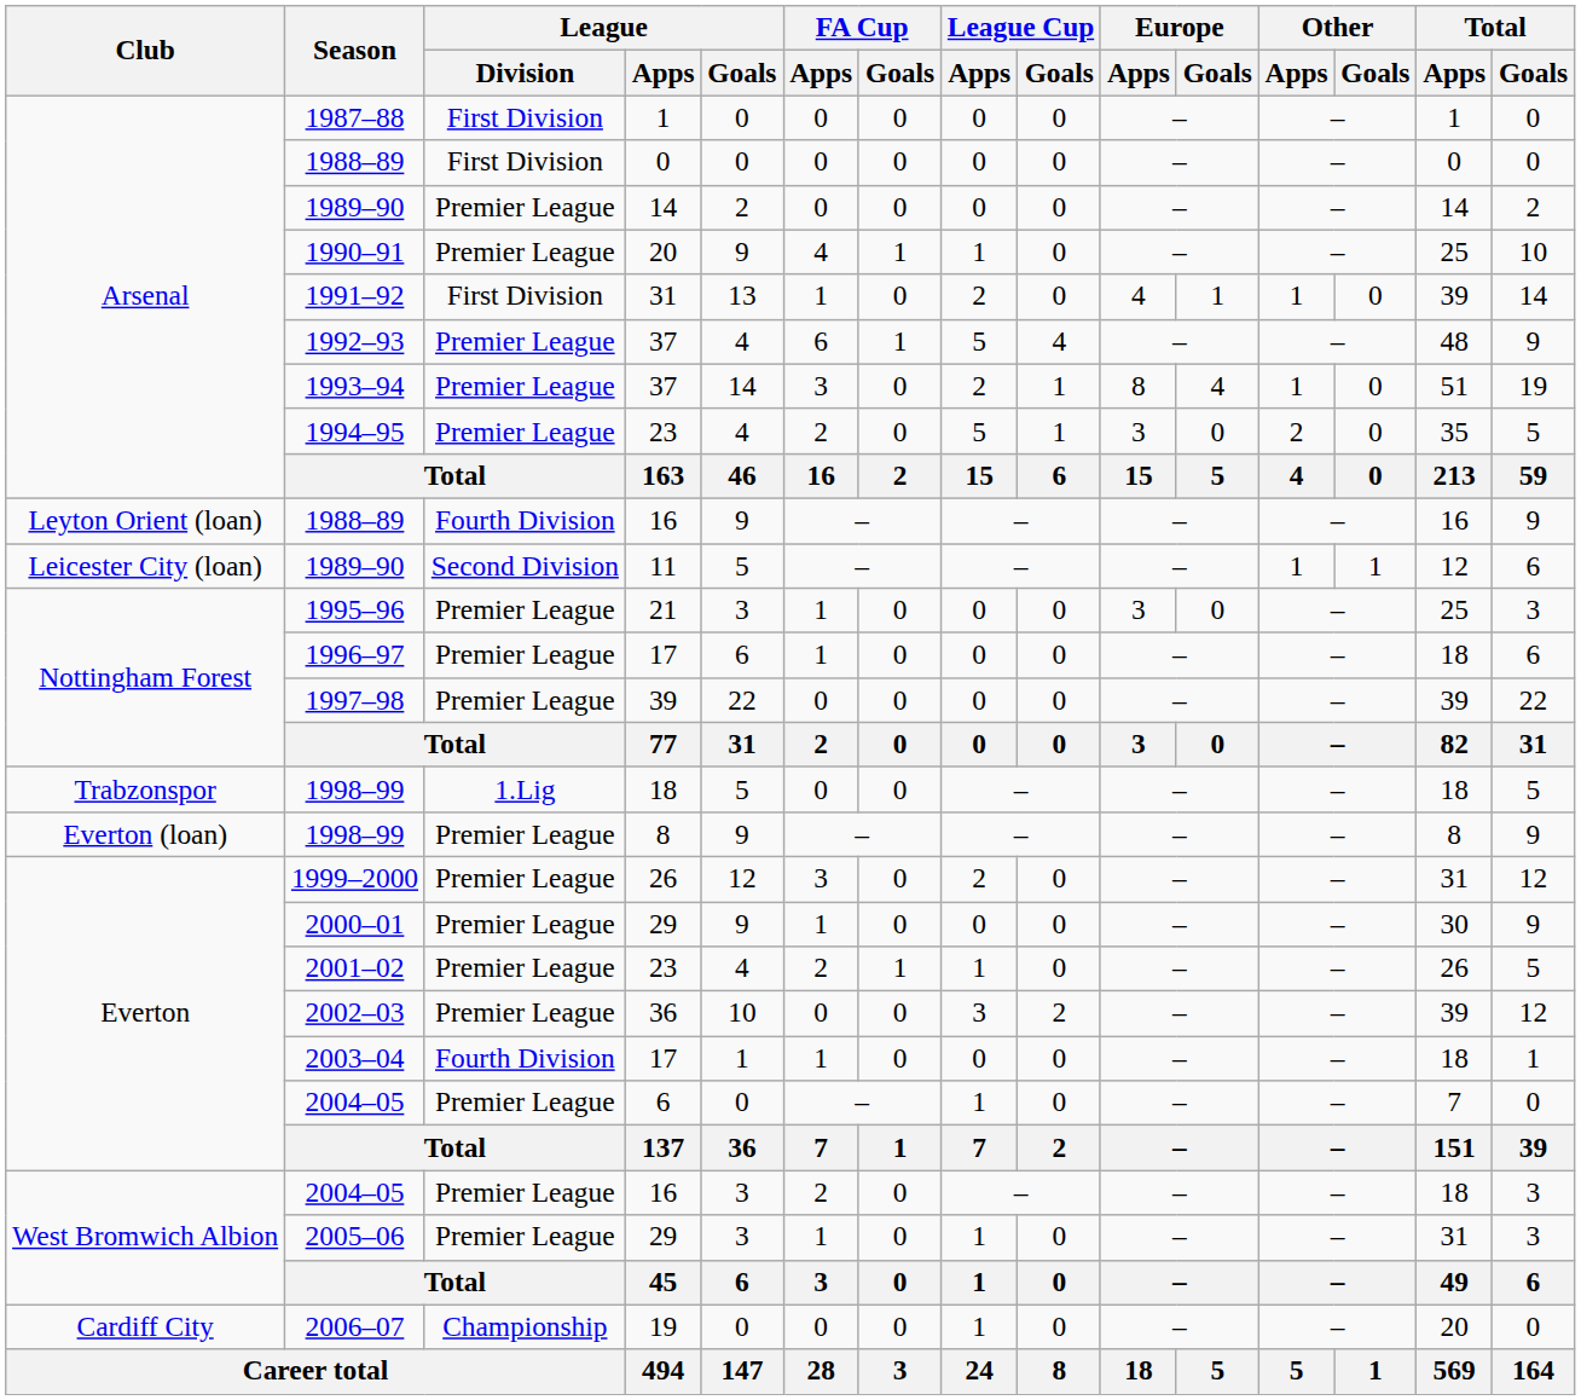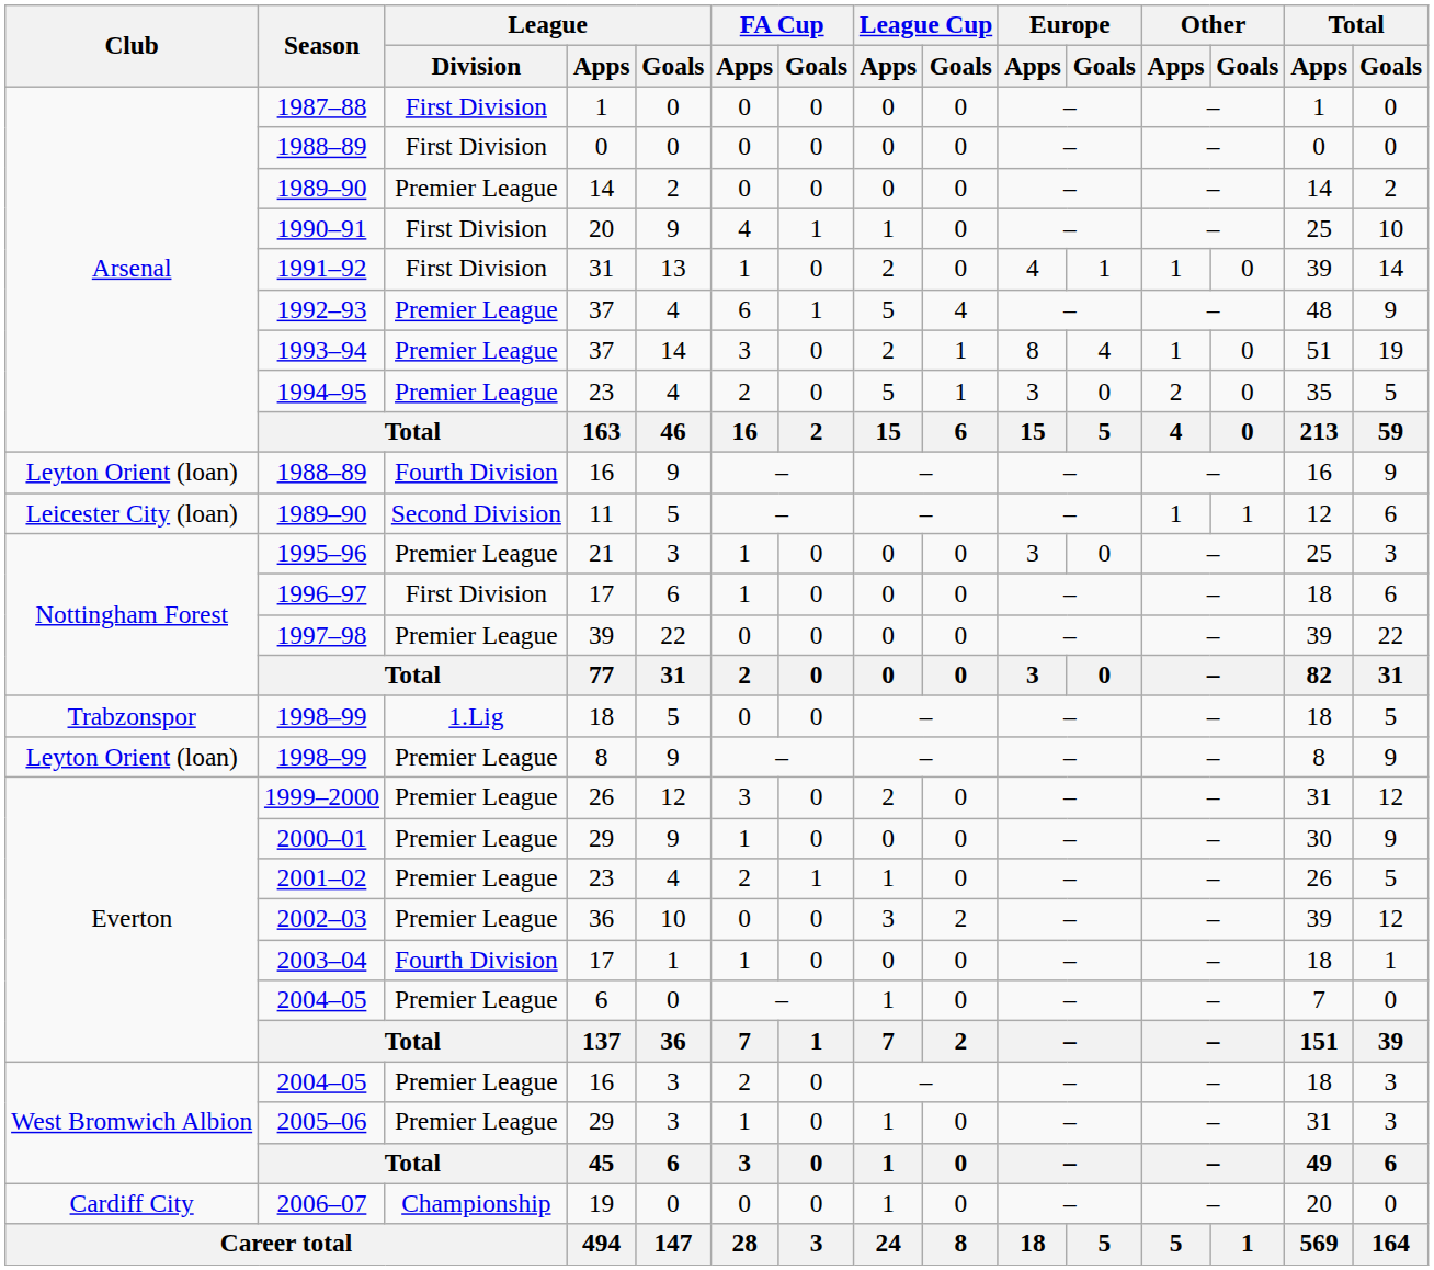 <table class="wikitable" style="text-align:center;">
 <tr>
 <th rowspan="2">Club</th>
 <th rowspan="2">Season</th>
 <th colspan="3">League</th>
 <th colspan="2"><a href='#'>FA Cup</a></th>
 <th colspan="2"><a href='#'>League Cup</a></th>
 <th colspan="2">Europe</th>
 <th colspan="2">Other</th>
 <th colspan="2">Total</th>
 </tr>
 <tr>
 <th>Division</th>
 <th>Apps</th>
 <th>Goals</th>
 <th>Apps</th>
 <th>Goals</th>
 <th>Apps</th>
 <th>Goals</th>
 <th>Apps</th>
 <th>Goals</th>
 <th>Apps</th>
 <th>Goals</th>
 <th>Apps</th>
 <th>Goals</th>
 </tr>
 <tr>
 <td rowspan="9"><a href='#'>Arsenal</a></td>
 <td><a href='#'>1987–88</a></td>
 <td><a href='#'>First Division</a></td>
 <td>1</td>
 <td>0</td>
 <td>0</td>
 <td>0</td>
 <td>0</td>
 <td>0</td>
 <td colspan="2">–</td>
 <td colspan="2">–</td>
 <td>1</td>
 <td>0</td>
 </tr>
 <tr>
 <td><a href='#'>1988–89</a></td>
 <td>First Division</td>
 <td>0</td>
 <td>0</td>
 <td>0</td>
 <td>0</td>
 <td>0</td>
 <td>0</td>
 <td colspan="2">–</td>
 <td colspan="2">–</td>
 <td>0</td>
 <td>0</td>
 </tr>
 <tr>
 <td><a href='#'>1989–90</a></td>
 <td>Premier League</td>
 <td>14</td>
 <td>2</td>
 <td>0</td>
 <td>0</td>
 <td>0</td>
 <td>0</td>
 <td colspan="2">–</td>
 <td colspan="2">–</td>
 <td>14</td>
 <td>2</td>
 </tr>
 <tr>
 <td><a href='#'>1990–91</a></td>
-<td>Premier League</td>
+<td>First Division</td>
 <td>20</td>
 <td>9</td>
 <td>4</td>
 <td>1</td>
 <td>1</td>
 <td>0</td>
 <td colspan="2">–</td>
 <td colspan="2">–</td>
 <td>25</td>
 <td>10</td>
 </tr>
 <tr>
 <td><a href='#'>1991–92</a></td>
 <td>First Division</td>
 <td>31</td>
 <td>13</td>
 <td>1</td>
 <td>0</td>
 <td>2</td>
 <td>0</td>
 <td>4</td>
 <td>1</td>
 <td>1</td>
 <td>0</td>
 <td>39</td>
 <td>14</td>
 </tr>
 <tr>
 <td><a href='#'>1992–93</a></td>
 <td><a href='#'>Premier League</a></td>
 <td>37</td>
 <td>4</td>
 <td>6</td>
 <td>1</td>
 <td>5</td>
 <td>4</td>
 <td colspan="2">–</td>
 <td colspan="2">–</td>
 <td>48</td>
 <td>9</td>
 </tr>
 <tr>
 <td><a href='#'>1993–94</a></td>
 <td><a href='#'>Premier League</a></td>
 <td>37</td>
 <td>14</td>
 <td>3</td>
 <td>0</td>
 <td>2</td>
 <td>1</td>
 <td>8</td>
 <td>4</td>
 <td>1</td>
 <td>0</td>
 <td>51</td>
 <td>19</td>
 </tr>
 <tr>
 <td><a href='#'>1994–95</a></td>
 <td><a href='#'>Premier League</a></td>
 <td>23</td>
 <td>4</td>
 <td>2</td>
 <td>0</td>
 <td>5</td>
 <td>1</td>
 <td>3</td>
 <td>0</td>
 <td>2</td>
 <td>0</td>
 <td>35</td>
 <td>5</td>
 </tr>
 <tr>
 <th colspan="2">Total</th>
 <th>163</th>
 <th>46</th>
 <th>16</th>
 <th>2</th>
 <th>15</th>
 <th>6</th>
 <th>15</th>
 <th>5</th>
 <th>4</th>
 <th>0</th>
 <th>213</th>
 <th>59</th>
 </tr>
 <tr>
 <td><a href='#'>Leyton Orient</a> (loan)</td>
 <td><a href='#'>1988–89</a></td>
 <td><a href='#'>Fourth Division</a></td>
 <td>16</td>
 <td>9</td>
 <td colspan="2">–</td>
 <td colspan="2">–</td>
 <td colspan="2">–</td>
 <td colspan="2">–</td>
 <td>16</td>
 <td>9</td>
 </tr>
 <tr>
 <td><a href='#'>Leicester City</a> (loan)</td>
 <td><a href='#'>1989–90</a></td>
 <td><a href='#'>Second Division</a></td>
 <td>11</td>
 <td>5</td>
 <td colspan="2">–</td>
 <td colspan="2">–</td>
 <td colspan="2">–</td>
 <td>1</td>
 <td>1</td>
 <td>12</td>
 <td>6</td>
 </tr>
 <tr>
 <td rowspan="4"><a href='#'>Nottingham Forest</a></td>
 <td><a href='#'>1995–96</a></td>
 <td>Premier League</td>
 <td>21</td>
 <td>3</td>
 <td>1</td>
 <td>0</td>
 <td>0</td>
 <td>0</td>
 <td>3</td>
 <td>0</td>
 <td colspan="2">–</td>
 <td>25</td>
 <td>3</td>
 </tr>
 <tr>
 <td><a href='#'>1996–97</a></td>
-<td>Premier League</td>
+<td>First Division</td>
 <td>17</td>
 <td>6</td>
 <td>1</td>
 <td>0</td>
 <td>0</td>
 <td>0</td>
 <td colspan="2">–</td>
 <td colspan="2">–</td>
 <td>18</td>
 <td>6</td>
 </tr>
 <tr>
 <td><a href='#'>1997–98</a></td>
 <td>Premier League</td>
 <td>39</td>
 <td>22</td>
 <td>0</td>
 <td>0</td>
 <td>0</td>
 <td>0</td>
 <td colspan="2">–</td>
 <td colspan="2">–</td>
 <td>39</td>
 <td>22</td>
 </tr>
 <tr>
 <th colspan="2">Total</th>
 <th>77</th>
 <th>31</th>
 <th>2</th>
 <th>0</th>
 <th>0</th>
 <th>0</th>
 <th>3</th>
 <th>0</th>
 <th colspan="2">–</th>
 <th>82</th>
 <th>31</th>
 </tr>
 <tr>
 <td><a href='#'>Trabzonspor</a></td>
 <td><a href='#'>1998–99</a></td>
 <td><a href='#'>1.Lig</a></td>
 <td>18</td>
 <td>5</td>
 <td>0</td>
 <td>0</td>
 <td colspan="2">–</td>
 <td colspan="2">–</td>
 <td colspan="2">–</td>
 <td>18</td>
 <td>5</td>
 </tr>
 <tr>
-<td><a href='#'>Everton</a> (loan)</td>
+<td><a href='#'>Leyton Orient</a> (loan)</td>
 <td><a href='#'>1998–99</a></td>
 <td>Premier League</td>
 <td>8</td>
 <td>9</td>
 <td colspan="2">–</td>
 <td colspan="2">–</td>
 <td colspan="2">–</td>
 <td colspan="2">–</td>
 <td>8</td>
 <td>9</td>
 </tr>
 <tr>
 <td rowspan="7">Everton</td>
 <td><a href='#'>1999–2000</a></td>
 <td>Premier League</td>
 <td>26</td>
 <td>12</td>
 <td>3</td>
 <td>0</td>
 <td>2</td>
 <td>0</td>
 <td colspan="2">–</td>
 <td colspan="2">–</td>
 <td>31</td>
 <td>12</td>
 </tr>
 <tr>
 <td><a href='#'>2000–01</a></td>
 <td>Premier League</td>
 <td>29</td>
 <td>9</td>
 <td>1</td>
 <td>0</td>
 <td>0</td>
 <td>0</td>
 <td colspan="2">–</td>
 <td colspan="2">–</td>
 <td>30</td>
 <td>9</td>
 </tr>
 <tr>
 <td><a href='#'>2001–02</a></td>
 <td>Premier League</td>
 <td>23</td>
 <td>4</td>
 <td>2</td>
 <td>1</td>
 <td>1</td>
 <td>0</td>
 <td colspan="2">–</td>
 <td colspan="2">–</td>
 <td>26</td>
 <td>5</td>
 </tr>
 <tr>
 <td><a href='#'>2002–03</a></td>
 <td>Premier League</td>
 <td>36</td>
 <td>10</td>
 <td>0</td>
 <td>0</td>
 <td>3</td>
 <td>2</td>
 <td colspan="2">–</td>
 <td colspan="2">–</td>
 <td>39</td>
 <td>12</td>
 </tr>
 <tr>
 <td><a href='#'>2003–04</a></td>
 <td><a href='#'>Fourth Division</a></td>
 <td>17</td>
 <td>1</td>
 <td>1</td>
 <td>0</td>
 <td>0</td>
 <td>0</td>
 <td colspan="2">–</td>
 <td colspan="2">–</td>
 <td>18</td>
 <td>1</td>
 </tr>
 <tr>
 <td><a href='#'>2004–05</a></td>
 <td>Premier League</td>
 <td>6</td>
 <td>0</td>
 <td colspan="2">–</td>
 <td>1</td>
 <td>0</td>
 <td colspan="2">–</td>
 <td colspan="2">–</td>
 <td>7</td>
 <td>0</td>
 </tr>
 <tr>
 <th colspan="2">Total</th>
 <th>137</th>
 <th>36</th>
 <th>7</th>
 <th>1</th>
 <th>7</th>
 <th>2</th>
 <th colspan="2">–</th>
 <th colspan="2">–</th>
 <th>151</th>
 <th>39</th>
 </tr>
 <tr>
 <td rowspan="3'"><a href='#'>West Bromwich Albion</a></td>
 <td><a href='#'>2004–05</a></td>
 <td>Premier League</td>
 <td>16</td>
 <td>3</td>
 <td>2</td>
 <td>0</td>
 <td colspan="2">–</td>
 <td colspan="2">–</td>
 <td colspan="2">–</td>
 <td>18</td>
 <td>3</td>
 </tr>
 <tr>
 <td><a href='#'>2005–06</a></td>
 <td>Premier League</td>
 <td>29</td>
 <td>3</td>
 <td>1</td>
 <td>0</td>
 <td>1</td>
 <td>0</td>
 <td colspan="2">–</td>
 <td colspan="2">–</td>
 <td>31</td>
 <td>3</td>
 </tr>
 <tr>
 <th colspan="2">Total</th>
 <th>45</th>
 <th>6</th>
 <th>3</th>
 <th>0</th>
 <th>1</th>
 <th>0</th>
 <th colspan="2">–</th>
 <th colspan="2">–</th>
 <th>49</th>
 <th>6</th>
 </tr>
 <tr>
 <td><a href='#'>Cardiff City</a></td>
 <td><a href='#'>2006–07</a></td>
 <td><a href='#'>Championship</a></td>
 <td>19</td>
 <td>0</td>
 <td>0</td>
 <td>0</td>
 <td>1</td>
 <td>0</td>
 <td colspan="2">–</td>
 <td colspan="2">–</td>
 <td>20</td>
 <td>0</td>
 </tr>
 <tr>
 <th colspan="3">Career total</th>
 <th>494</th>
 <th>147</th>
 <th>28</th>
 <th>3</th>
 <th>24</th>
 <th>8</th>
 <th>18</th>
 <th>5</th>
 <th>5</th>
 <th>1</th>
 <th>569</th>
 <th>164</th>
 </tr>
 </table>
